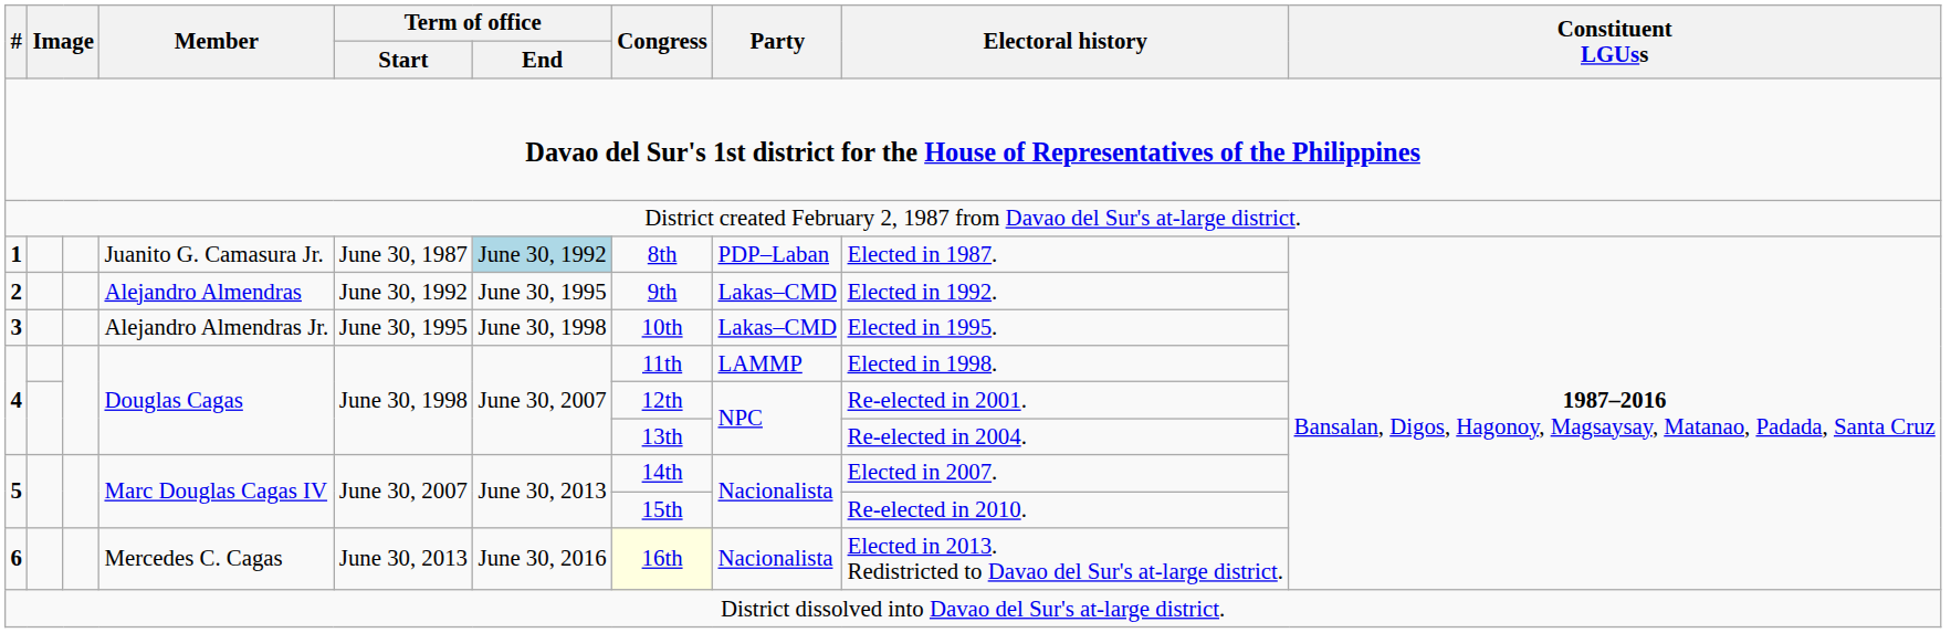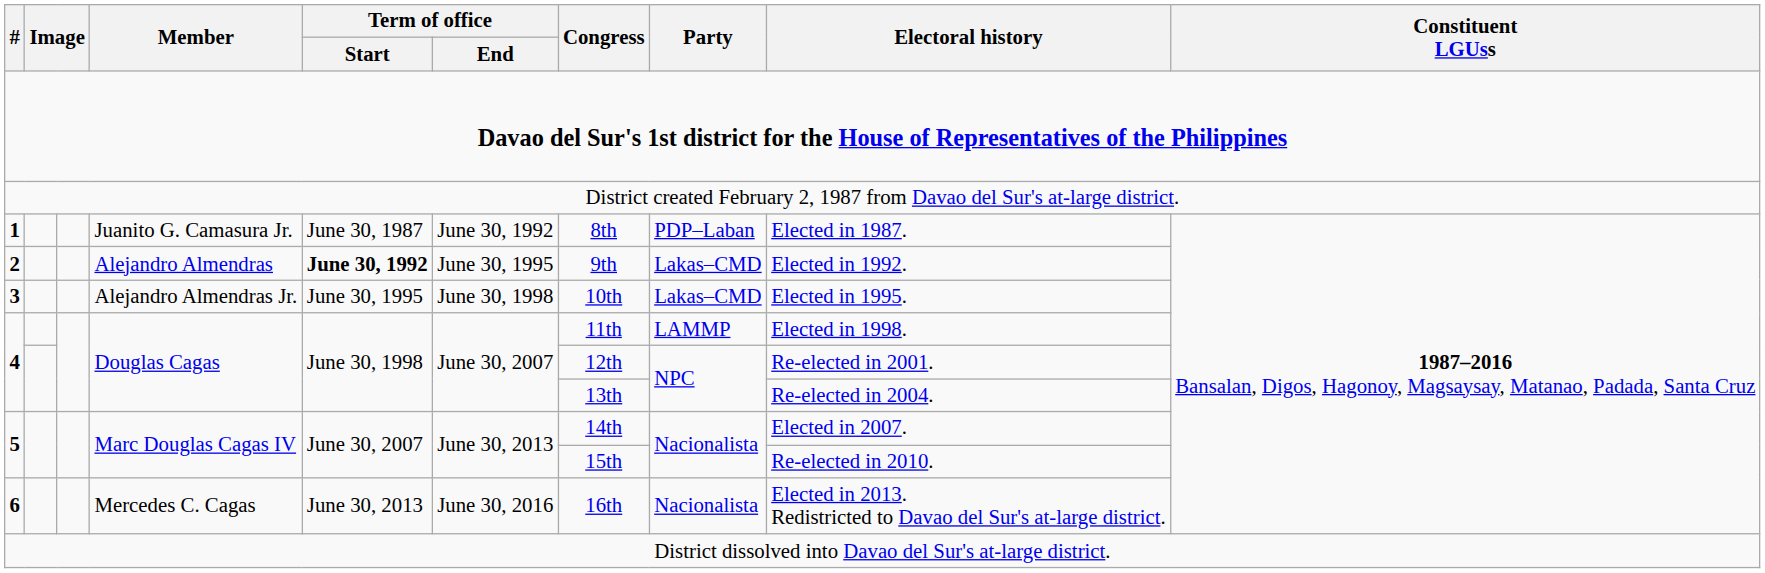 <table class=wikitable>
 <tr>
 <th rowspan="2">#</th>
 <th rowspan="2" colspan=2>Image</th>
 <th rowspan="2">Member</th>
 <th colspan=2>Term of office</th>
 <th rowspan="2">Congress</th>
 <th rowspan="2">Party</th>
 <th rowspan="2">Electoral history</th>
 <th rowspan="2">Constituent<br><a href='#'>LGUs</a>s</th>
 </tr>
 <tr>
 <th>Start</th>
 <th>End</th>
 </tr>
 <tr>
 <td colspan="10" style="text-align:center;"><br><h3>Davao del Sur's 1st district for the <a href='#'>House of Representatives of the Philippines</a></h3></td>
 </tr>
 <tr>
 <td colspan="10" style="text-align:center;">District created February 2, 1987 from <a href='#'>Davao del Sur's at-large district</a>.</td>
 </tr>
 <tr>
 <td style="text-align:center;"><strong>1</strong></td>
 <td style="color:inherit;background:"></td>
 <td></td>
 <td>Juanito G. Camasura Jr.</td>
 <td>June 30, 1987</td>
-<td style="background: lightblue;">June 30, 1992</td>
+<td>June 30, 1992</td>
 <td style="text-align:center;"><a href='#'>8th</a></td>
 <td><a href='#'>PDP–Laban</a></td>
 <td><a href='#'>Elected in 1987</a>.</td>
 <td rowspan="9" style="text-align:center;"><strong>1987–2016</strong><br><a href='#'>Bansalan</a>, <a href='#'>Digos</a>, <a href='#'>Hagonoy</a>, <a href='#'>Magsaysay</a>, <a href='#'>Matanao</a>, <a href='#'>Padada</a>, <a href='#'>Santa Cruz</a></td>
 </tr>
 <tr>
 <td style="text-align:center;"><strong>2</strong></td>
 <td style="color:inherit;background:"></td>
 <td></td>
 <td><a href='#'>Alejandro Almendras</a></td>
-<td>June 30, 1992</td>
+<td><strong>June 30, 1992</strong></td>
 <td>June 30, 1995</td>
 <td style="text-align:center;"><a href='#'>9th</a></td>
 <td><a href='#'>Lakas–CMD</a></td>
 <td><a href='#'>Elected in 1992</a>.</td>
 </tr>
 <tr>
 <td style="text-align:center;"><strong>3</strong></td>
 <td style="color:inherit;background:"></td>
 <td></td>
 <td>Alejandro Almendras Jr.</td>
 <td>June 30, 1995</td>
 <td>June 30, 1998</td>
 <td style="text-align:center;"><a href='#'>10th</a></td>
 <td><a href='#'>Lakas–CMD</a></td>
 <td><a href='#'>Elected in 1995</a>.</td>
 </tr>
 <tr>
 <td rowspan="3" style="text-align:center;"><strong>4</strong></td>
 <td style="color:inherit;background:"></td>
 <td rowspan="3"></td>
 <td rowspan="3"><a href='#'>Douglas Cagas</a></td>
 <td rowspan="3">June 30, 1998</td>
 <td rowspan="3">June 30, 2007</td>
 <td style="text-align:center;"><a href='#'>11th</a></td>
 <td><a href='#'>LAMMP</a></td>
 <td><a href='#'>Elected in 1998</a>.</td>
 </tr>
 <tr>
 <td rowspan="2" style="color:inherit;background:"></td>
 <td style="text-align:center;"><a href='#'>12th</a></td>
 <td rowspan="2"><a href='#'>NPC</a></td>
 <td><a href='#'>Re-elected in 2001</a>.</td>
 </tr>
 <tr>
 <td style="text-align:center;"><a href='#'>13th</a></td>
 <td><a href='#'>Re-elected in 2004</a>.</td>
 </tr>
 <tr>
 <td rowspan="2" style="text-align:center;"><strong>5</strong></td>
 <td rowspan="2" style="color:inherit;background:"></td>
 <td rowspan="2"></td>
 <td rowspan="2"><a href='#'>Marc Douglas Cagas IV</a></td>
 <td rowspan="2">June 30, 2007</td>
 <td rowspan="2">June 30, 2013</td>
 <td style="text-align:center;"><a href='#'>14th</a></td>
 <td rowspan="2"><a href='#'>Nacionalista</a></td>
 <td><a href='#'>Elected in 2007</a>.</td>
 </tr>
 <tr>
 <td style="text-align:center;"><a href='#'>15th</a></td>
 <td><a href='#'>Re-elected in 2010</a>.</td>
 </tr>
 <tr>
 <td style="text-align:center;"><strong>6</strong></td>
 <td style="color:inherit;background:"></td>
 <td></td>
 <td>Mercedes C. Cagas</td>
 <td>June 30, 2013</td>
 <td>June 30, 2016</td>
-<td style="background: lightyellow; text-align:center;"><a href='#'>16th</a></td>
+<td style="text-align:center;"><a href='#'>16th</a></td>
 <td><a href='#'>Nacionalista</a></td>
 <td><a href='#'>Elected in 2013</a>.<br>Redistricted to <a href='#'>Davao del Sur's at-large district</a>.</td>
 </tr>
 <tr>
 <td colspan="10" style="text-align:center;">District dissolved into <a href='#'>Davao del Sur's at-large district</a>.</td>
 </tr>
 </table>
